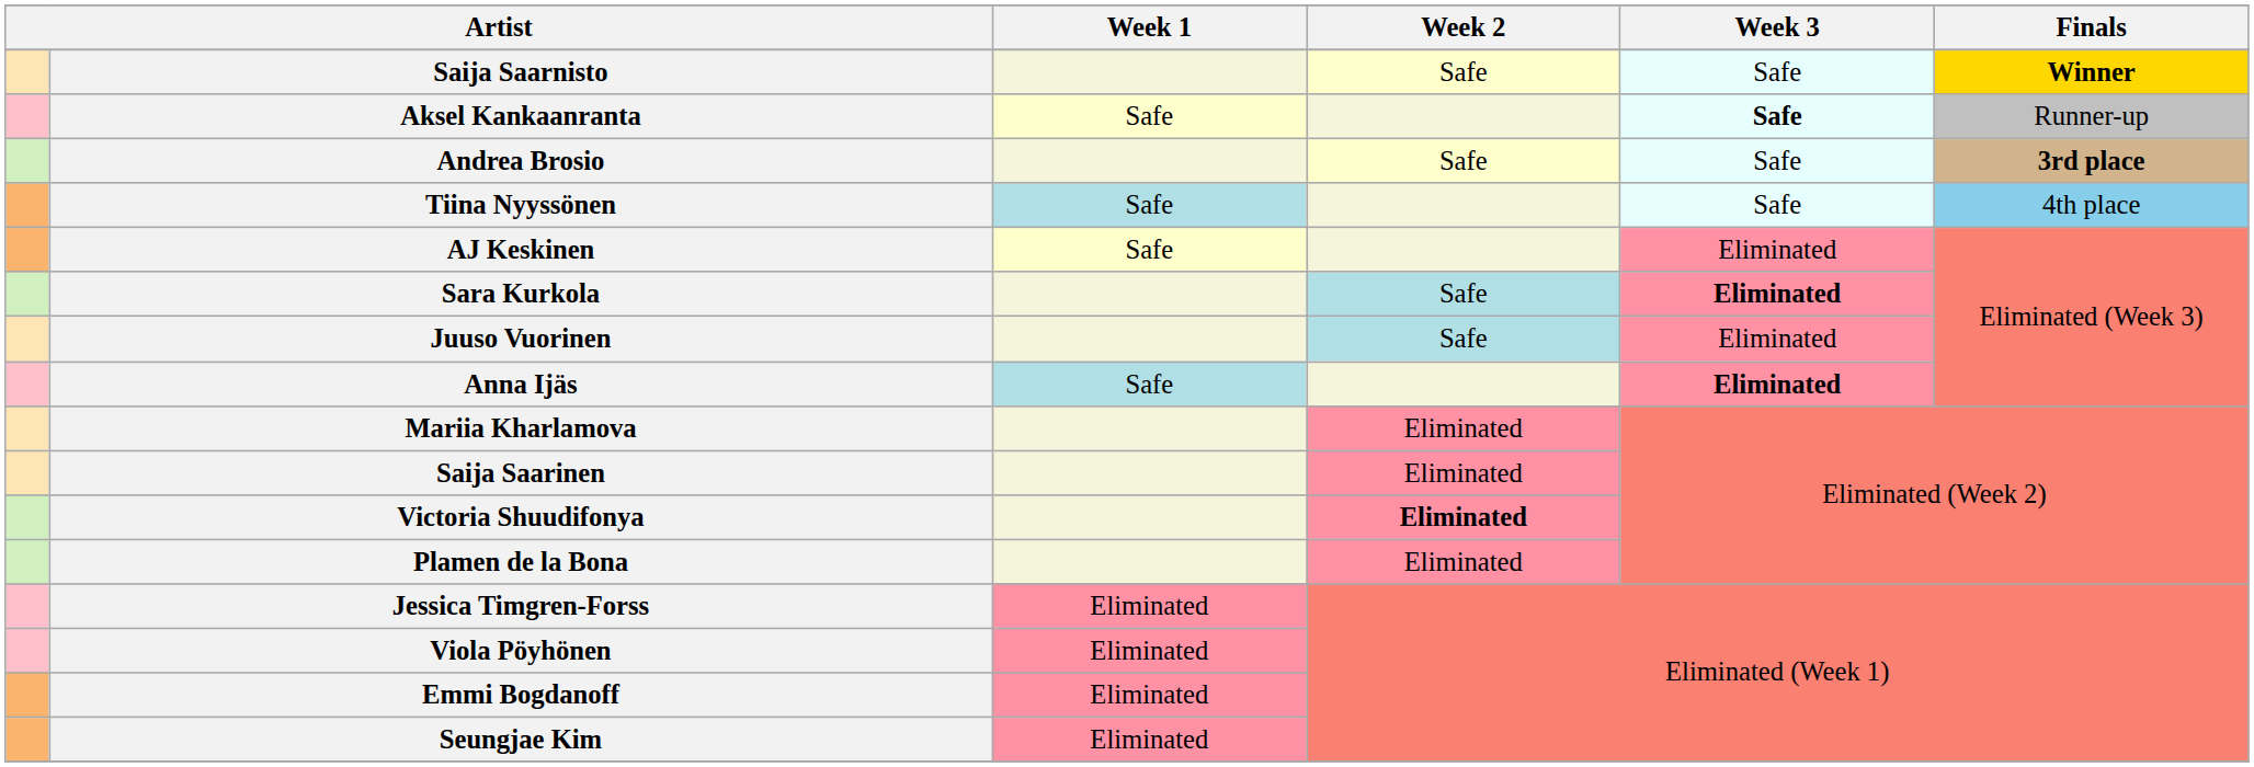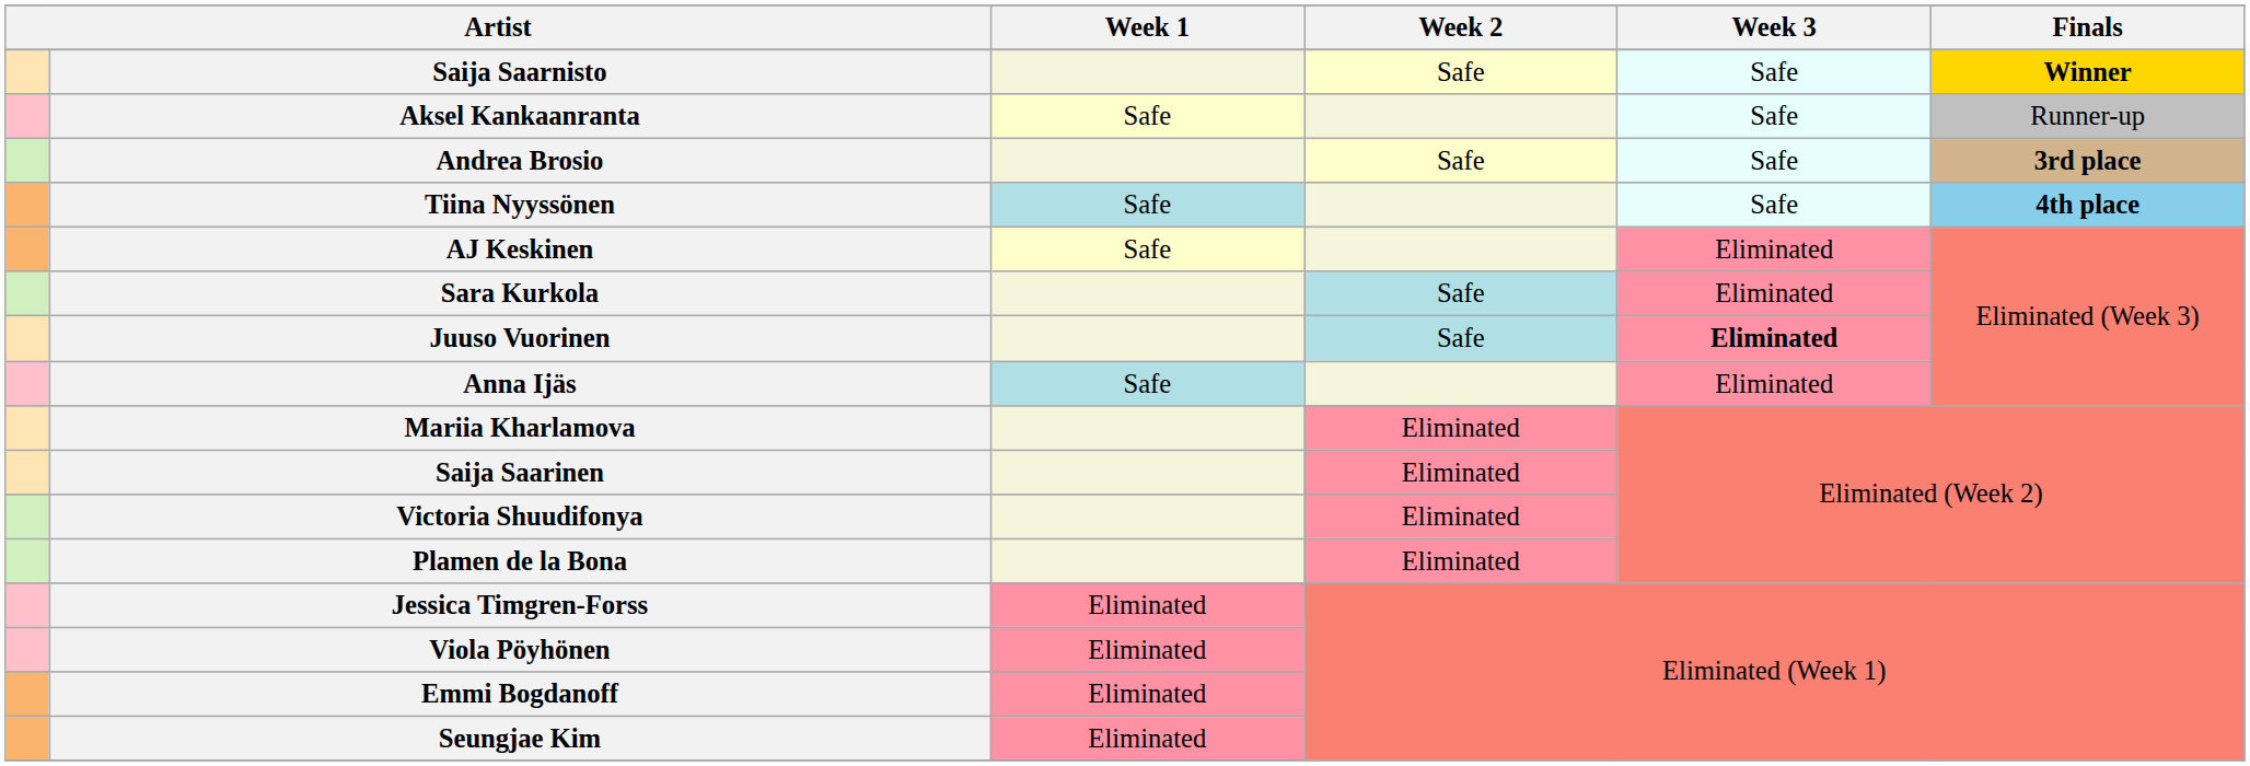 <table class="wikitable"  style="text-align:center; font-size:95%; width:100%;">
 <tr>
 </tr>
 <tr>
 <th colspan="2">Artist</th>
 <th style="width:14%;">Week 1</th>
 <th style="width:14%;">Week 2</th>
 <th style="width:14%;">Week 3</th>
 <th style="width:14%;">Finals</th>
 </tr>
 <tr>
 </tr>
 <tr>
 <th style="background:#ffe5b4;"></th>
 <th>Saija Saarnisto</th>
 <td style="background:#F5F5DC;"></td>
 <td style="background:#ffc;">Safe</td>
 <td style="background:#E7FEFF;">Safe</td>
 <td style="background:gold;"><strong>Winner</strong></td>
 </tr>
 <tr>
 <th style="background:pink;"></th>
 <th>Aksel Kankaanranta</th>
 <td style="background:#ffc;">Safe</td>
 <td style="background:#F5F5DC;"></td>
-<td style="background:#E7FEFF;"><strong>Safe</strong></td>
+<td style="background:#E7FEFF;">Safe</td>
 <td style="background:silver;">Runner-up</td>
 </tr>
 <tr>
 <th style="background:#d0f0c0;"></th>
 <th>Andrea Brosio</th>
 <td style="background:#F5F5DC;"></td>
 <td style="background:#ffc;">Safe</td>
 <td style="background:#E7FEFF;">Safe</td>
 <td style="background:tan;"><strong>3rd place</strong></td>
 </tr>
 <tr>
 <th style="background:#fbb46e;"></th>
 <th>Tiina Nyyssönen</th>
 <td style="background:#B0E0E6;">Safe</td>
 <td style="background:#F5F5DC;"></td>
 <td style="background:#E7FEFF;">Safe</td>
-<td style="background:skyblue;">4th place</td>
+<td style="background:skyblue;"><strong>4th place</strong></td>
 </tr>
 <tr>
 <th style="background:#fbb46e;"></th>
 <th>AJ Keskinen</th>
 <td style="background:#ffc;">Safe</td>
 <td style="background:#F5F5DC;"></td>
 <td style="background:#FF91A4;">Eliminated</td>
 <td rowspan="4" colspan="4" style="background:salmon;">Eliminated (Week 3)</td>
 </tr>
 <tr>
 <th style="background:#d0f0c0;"></th>
 <th>Sara Kurkola</th>
 <td style="background:#F5F5DC;"></td>
 <td style="background:#B0E0E6;">Safe</td>
-<td style="background:#FF91A4;"><strong>Eliminated</strong></td>
+<td style="background:#FF91A4;">Eliminated</td>
 </tr>
 <tr>
 <th style="background:#ffe5b4;"></th>
 <th>Juuso Vuorinen</th>
 <td style="background:#F5F5DC;"></td>
 <td style="background:#B0E0E6;">Safe</td>
-<td style="background:#FF91A4;">Eliminated</td>
+<td style="background:#FF91A4;"><strong>Eliminated</strong></td>
 </tr>
 <tr>
 <th style="background:pink;"></th>
 <th>Anna Ijäs</th>
 <td style="background:#B0E0E6;">Safe</td>
 <td style="background:#F5F5DC;"></td>
-<td style="background:#FF91A4;"><strong>Eliminated</strong></td>
+<td style="background:#FF91A4;">Eliminated</td>
 </tr>
 <tr>
 <th style="background:#ffe5b4;"></th>
 <th>Mariia Kharlamova</th>
 <td style="background:#F5F5DC;"></td>
 <td style="background:#FF91A4;">Eliminated</td>
 <td rowspan="4" colspan="4" style="background:salmon;">Eliminated (Week 2)</td>
 </tr>
 <tr>
 <th style="background:#ffe5b4;"></th>
 <th>Saija Saarinen</th>
 <td style="background:#F5F5DC;"></td>
 <td style="background:#FF91A4;">Eliminated</td>
 </tr>
 <tr>
 <th style="background:#d0f0c0;"></th>
 <th>Victoria Shuudifonya</th>
 <td style="background:#F5F5DC;"></td>
-<td style="background:#FF91A4;"><strong>Eliminated</strong></td>
+<td style="background:#FF91A4;">Eliminated</td>
 </tr>
 <tr>
 <th style="background:#d0f0c0;"></th>
 <th>Plamen de la Bona</th>
 <td style="background:#F5F5DC;"></td>
 <td style="background:#FF91A4;">Eliminated</td>
 </tr>
 <tr>
 <th style="background:pink;"></th>
 <th>Jessica Timgren-Forss</th>
 <td style="background:#FF91A4;">Eliminated</td>
 <td rowspan="4" colspan="4" style="background:salmon;">Eliminated (Week 1)</td>
 </tr>
 <tr>
 <th style="background:pink;"></th>
 <th>Viola Pöyhönen</th>
 <td style="background:#FF91A4;">Eliminated</td>
 </tr>
 <tr>
 <th style="background:#fbb46e;"></th>
 <th>Emmi Bogdanoff</th>
 <td style="background:#FF91A4;">Eliminated</td>
 </tr>
 <tr>
 <th style="background:#fbb46e;"></th>
 <th>Seungjae Kim</th>
 <td style="background:#FF91A4;">Eliminated</td>
 </tr>
 <tr>
 </tr>
 </table>
